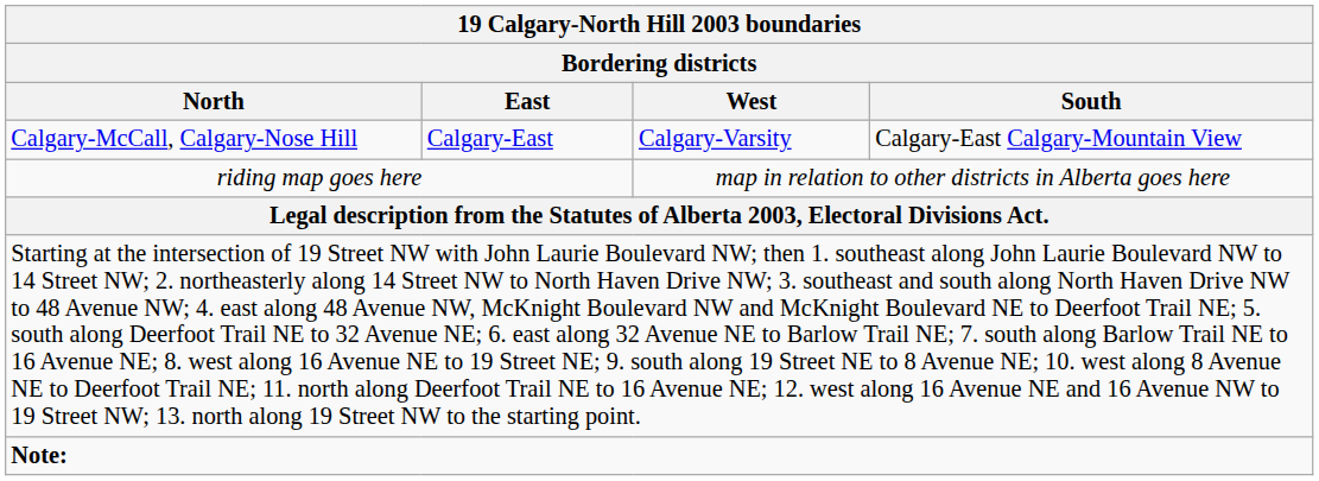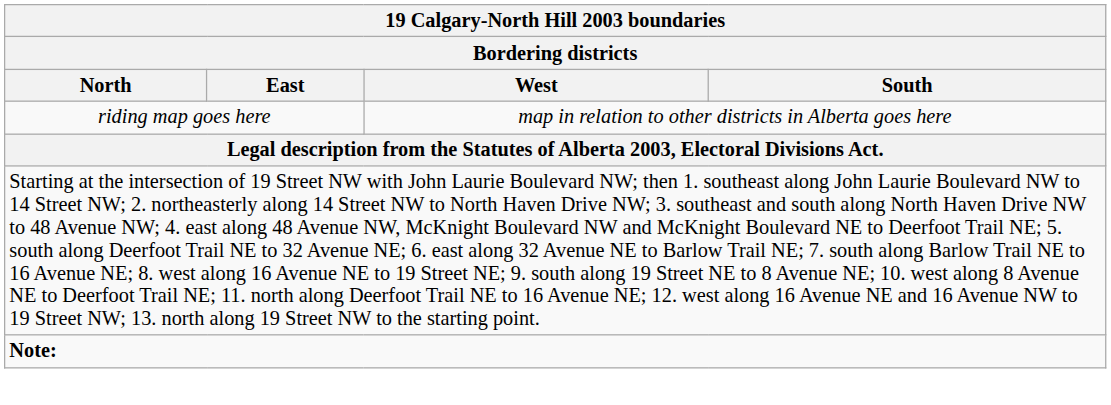 <table class="wikitable collapsible collapsed">
 <tr>
 <th colspan=4>19 Calgary-North Hill 2003 boundaries</th>
 </tr>
 <tr>
 <th colspan=4>Bordering districts</th>
 </tr>
 <tr>
 <th>North</th>
 <th>East</th>
 <th>West</th>
 <th>South</th>
-</tr>
-<tr>
-<td><a href='#'>Calgary-McCall</a>, <a href='#'>Calgary-Nose Hill</a></td>
-<td><a href='#'>Calgary-East</a></td>
-<td><a href='#'>Calgary-Varsity</a></td>
-<td>Calgary-East <a href='#'>Calgary-Mountain View</a></td>
 </tr>
 <tr>
 <td colspan=2 align=center><em>riding map goes here</em></td>
 <td colspan=2 align=center><em>map in relation to other districts in Alberta goes here</em></td>
 </tr>
 <tr>
 <th colspan=4>Legal description from the Statutes of Alberta 2003, Electoral Divisions Act.</th>
 </tr>
 <tr>
 <td colspan=4>Starting at the intersection of 19 Street NW with John Laurie Boulevard NW; then 1. southeast along John Laurie Boulevard NW to 14 Street NW; 2. northeasterly along 14 Street NW to North Haven Drive NW; 3. southeast and south along North Haven Drive NW to 48 Avenue NW; 4. east along 48 Avenue NW, McKnight Boulevard NW and McKnight Boulevard NE to Deerfoot Trail NE; 5. south along Deerfoot Trail NE to 32 Avenue NE; 6. east along 32 Avenue NE to Barlow Trail NE; 7. south along Barlow Trail NE to 16 Avenue NE; 8. west along 16 Avenue NE to 19 Street NE; 9. south along 19 Street NE to 8 Avenue NE; 10. west along 8 Avenue NE to Deerfoot Trail NE; 11. north along Deerfoot Trail NE to 16 Avenue NE; 12. west along 16 Avenue NE and 16 Avenue NW to 19 Street NW; 13. north along 19 Street NW to the starting point.</td>
 </tr>
 <tr>
 <td colspan=4><strong>Note:</strong></td>
 </tr>
 </table>
